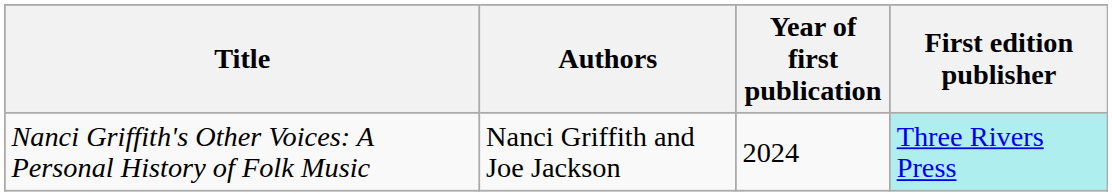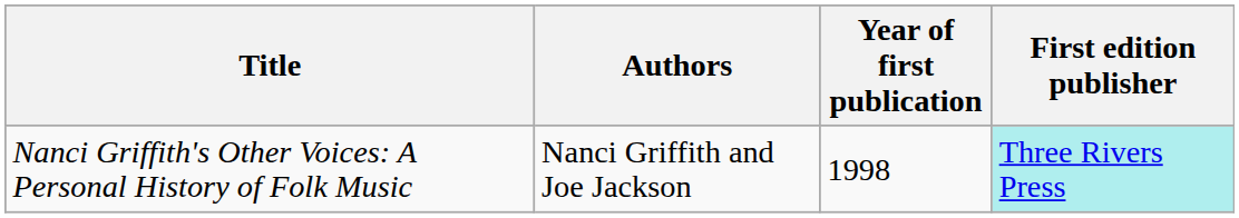 <table class="wikitable plainrowheaders" style="margin-right: 0;">
 <tr>
 <th scope="col">Title</th>
 <th scope="col">Authors</th>
 <th scope="col">Year of first<br>publication</th>
 <th scope="col">First edition publisher</th>
 </tr>
 <tr>
 <td><em>Nanci Griffith's Other Voices: A Personal History of Folk Music</em></td>
 <td>Nanci Griffith and Joe Jackson</td>
-<td>2024</td>
+<td>1998</td>
 <td style="background: paleturquoise;"><a href='#'>Three Rivers Press</a></td>
 </tr>
 </table>
